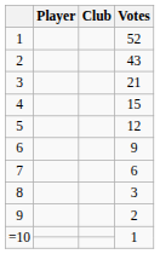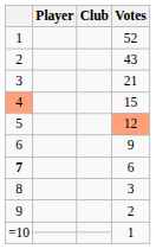 <table class="wikitable sortable" style="text-align:center">
 <tr>
 <th></th>
 <th>Player</th>
 <th>Club</th>
 <th>Votes</th>
 </tr>
 <tr>
 <td>1</td>
 <td></td>
 <td></td>
 <td>52</td>
 </tr>
 <tr>
 <td>2</td>
 <td></td>
 <td></td>
 <td>43</td>
 </tr>
 <tr>
 <td>3</td>
 <td></td>
 <td></td>
 <td>21</td>
 </tr>
 <tr>
-<td>4</td>
+<td style="background: lightsalmon;">4</td>
 <td></td>
 <td></td>
 <td>15</td>
 </tr>
 <tr>
 <td>5</td>
 <td></td>
 <td></td>
-<td>12</td>
+<td style="background: lightsalmon;">12</td>
 </tr>
 <tr>
 <td>6</td>
 <td></td>
 <td></td>
 <td>9</td>
 </tr>
 <tr>
-<td>7</td>
+<td><strong>7</strong></td>
 <td></td>
 <td></td>
 <td>6</td>
 </tr>
 <tr>
 <td>8</td>
 <td></td>
 <td></td>
 <td>3</td>
 </tr>
 <tr>
 <td>9</td>
 <td></td>
 <td></td>
 <td>2</td>
 </tr>
 <tr>
 <td rowspan=2>=10</td>
 <td></td>
 <td></td>
 <td rowspan=2>1</td>
 </tr>
 <tr>
 <td></td>
 <td></td>
 </tr>
 </table>
